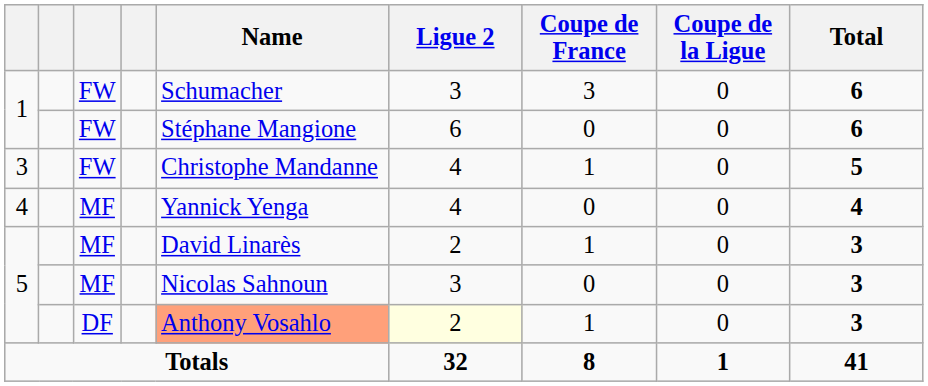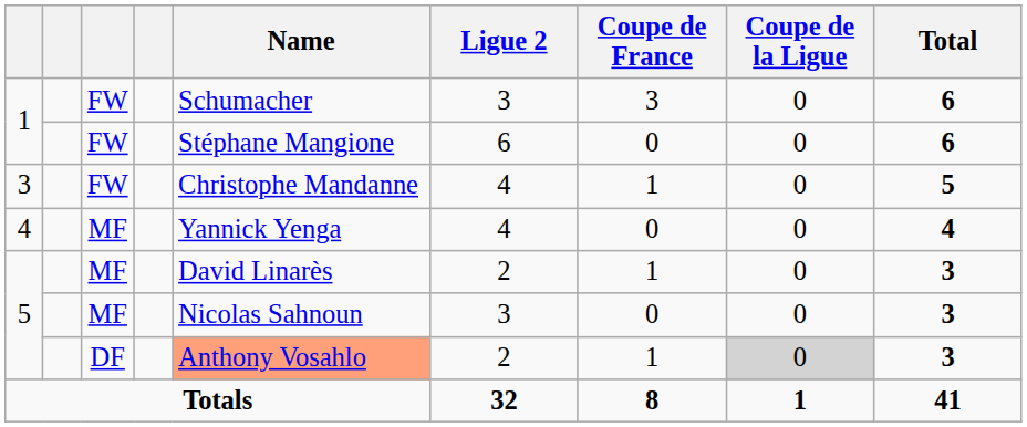 <table class="wikitable" style="text-align:center">
 <tr>
 <th width=15></th>
 <th width=15></th>
 <th width=15></th>
 <th width=15></th>
 <th width=145>Name</th>
 <th width=80><a href='#'>Ligue 2</a></th>
 <th width=80><a href='#'>Coupe de France</a></th>
 <th width=80><a href='#'>Coupe de la Ligue</a></th>
 <th width=80>Total</th>
 </tr>
 <tr>
 <td rowspan=2>1</td>
 <td></td>
 <td><a href='#'>FW</a></td>
 <td></td>
 <td align=left><a href='#'>Schumacher</a></td>
 <td>3</td>
 <td>3</td>
 <td>0</td>
 <td><strong>6</strong></td>
 </tr>
 <tr>
 <td></td>
 <td><a href='#'>FW</a></td>
 <td></td>
 <td align=left><a href='#'>Stéphane Mangione</a></td>
 <td>6</td>
 <td>0</td>
 <td>0</td>
 <td><strong>6</strong></td>
 </tr>
 <tr>
 <td>3</td>
 <td></td>
 <td><a href='#'>FW</a></td>
 <td></td>
 <td align=left><a href='#'>Christophe Mandanne</a></td>
 <td>4</td>
 <td>1</td>
 <td>0</td>
 <td><strong>5</strong></td>
 </tr>
 <tr>
 <td>4</td>
 <td></td>
 <td><a href='#'>MF</a></td>
 <td></td>
 <td align=left><a href='#'>Yannick Yenga</a></td>
 <td>4</td>
 <td>0</td>
 <td>0</td>
 <td><strong>4</strong></td>
 </tr>
 <tr>
 <td rowspan=3>5</td>
 <td></td>
 <td><a href='#'>MF</a></td>
 <td></td>
 <td align=left><a href='#'>David Linarès</a></td>
 <td>2</td>
 <td>1</td>
 <td>0</td>
 <td><strong>3</strong></td>
 </tr>
 <tr>
 <td></td>
 <td><a href='#'>MF</a></td>
 <td></td>
 <td align=left><a href='#'>Nicolas Sahnoun</a></td>
 <td>3</td>
 <td>0</td>
 <td>0</td>
 <td><strong>3</strong></td>
 </tr>
 <tr>
 <td></td>
 <td><a href='#'>DF</a></td>
 <td></td>
 <td align=left style="background: lightsalmon;"><a href='#'>Anthony Vosahlo</a></td>
-<td style="background: lightyellow;">2</td>
+<td>2</td>
 <td>1</td>
-<td>0</td>
+<td style="background: lightgrey;">0</td>
 <td><strong>3</strong></td>
 </tr>
 <tr>
 <td colspan=5><strong>Totals</strong></td>
 <td><strong>32</strong></td>
 <td><strong>8</strong></td>
 <td><strong>1</strong></td>
 <td><strong>41</strong></td>
 </tr>
 </table>
